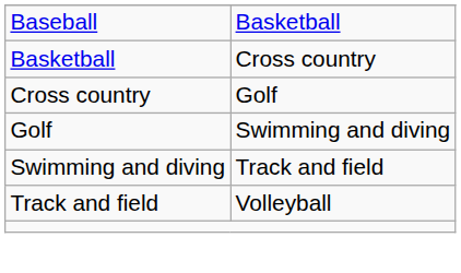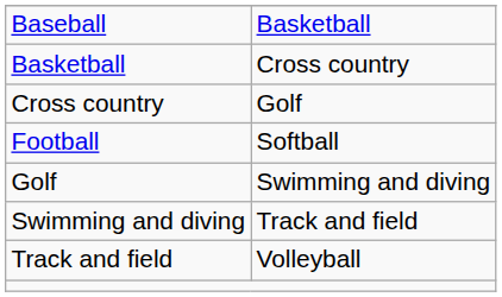 <table class="wikitable" style=" ">
 <tr>
 </tr>
 <tr>
 <td><a href='#'>Baseball</a></td>
 <td><a href='#'>Basketball</a></td>
 </tr>
 <tr>
 <td><a href='#'>Basketball</a></td>
 <td>Cross country</td>
 </tr>
 <tr>
 <td>Cross country</td>
 <td>Golf</td>
+</tr>
+<tr>
+<td><a href='#'>Football</a></td>
+<td>Softball</td>
 </tr>
 <tr>
 <td>Golf</td>
 <td>Swimming and diving</td>
 </tr>
 <tr>
 <td>Swimming and diving</td>
 <td>Track and field</td>
 </tr>
 <tr>
 <td>Track and field</td>
 <td>Volleyball</td>
 </tr>
 <tr>
 <td colspan="2"></td>
 </tr>
 </table>
